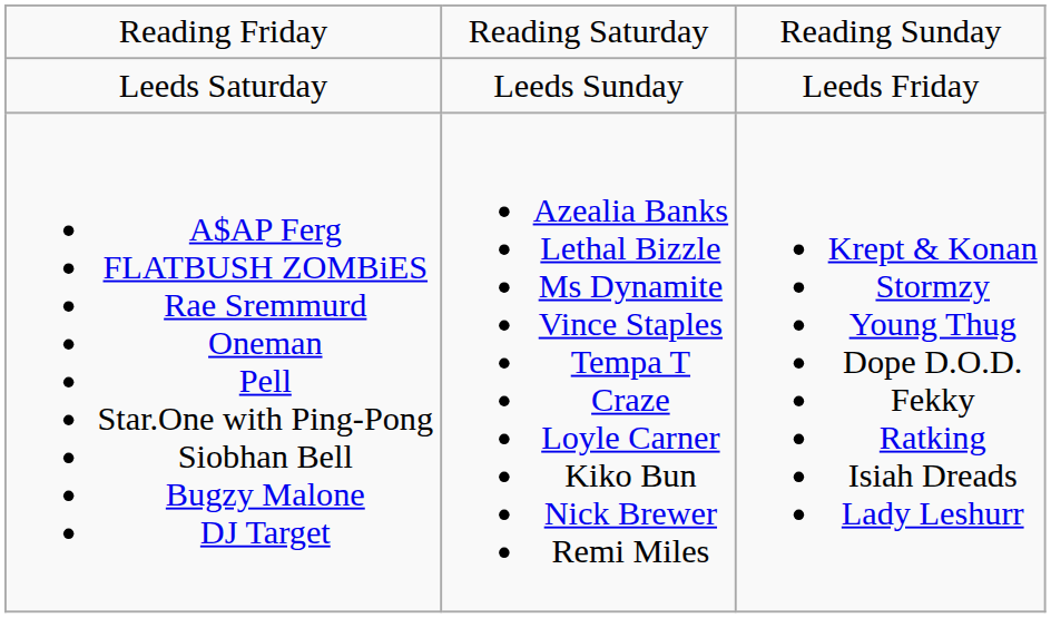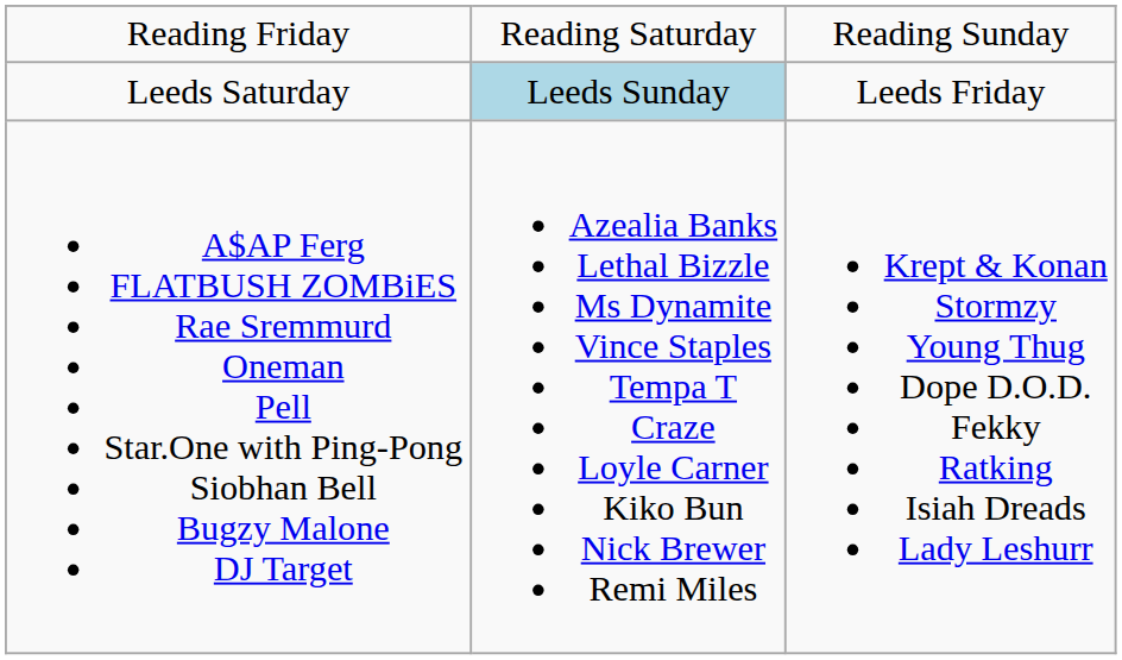 <table class="wikitable" style="text-align:center;">
 <tr>
 <td>Reading Friday</td>
 <td>Reading Saturday</td>
 <td>Reading Sunday</td>
 </tr>
 <tr>
 <td>Leeds Saturday</td>
-<td>Leeds Sunday</td>
+<td style="background: lightblue;">Leeds Sunday</td>
 <td>Leeds Friday</td>
 </tr>
 <tr>
 <td><br><ul><li><a href='#'>A$AP Ferg</a></li><li><a href='#'>FLATBUSH ZOMBiES</a></li><li><a href='#'>Rae Sremmurd</a></li><li><a href='#'>Oneman</a></li><li><a href='#'>Pell</a></li><li>Star.One with Ping-Pong</li><li>Siobhan Bell</li><li><a href='#'>Bugzy Malone</a></li><li><a href='#'>DJ Target</a></li></ul></td>
 <td><br><ul><li><a href='#'>Azealia Banks</a></li><li><a href='#'>Lethal Bizzle</a></li><li><a href='#'>Ms Dynamite</a></li><li><a href='#'>Vince Staples</a></li><li><a href='#'>Tempa T</a></li><li><a href='#'>Craze</a></li><li><a href='#'>Loyle Carner</a></li><li>Kiko Bun</li><li><a href='#'>Nick Brewer</a></li><li>Remi Miles</li></ul></td>
 <td><br><ul><li><a href='#'>Krept & Konan</a></li><li><a href='#'>Stormzy</a></li><li><a href='#'>Young Thug</a></li><li>Dope D.O.D.</li><li>Fekky</li><li><a href='#'>Ratking</a></li><li>Isiah Dreads</li><li><a href='#'>Lady Leshurr</a></li></ul></td>
 </tr>
 </table>
